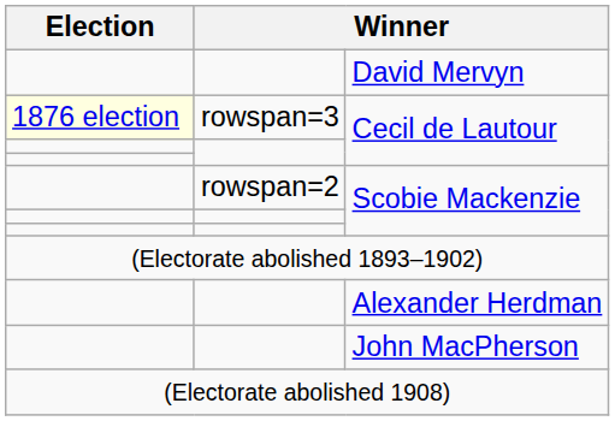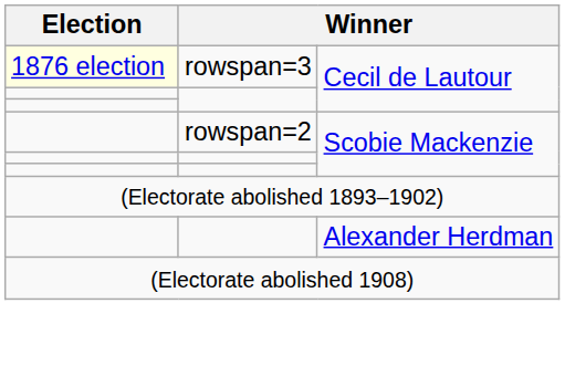 <table class=wikitable>
 <tr>
 <th width=100>Election</th>
 <th width=175 colspan=2>Winner</th>
-</tr>
-<tr>
-<td></td>
-<td></td>
-<td><a href='#'>David Mervyn</a></td>
 </tr>
 <tr>
 <td style="background: lightyellow;"><a href='#'>1876 election</a></td>
 <td>rowspan=3 </td>
 <td rowspan=3><a href='#'>Cecil de Lautour</a></td>
 </tr>
 <tr>
 <td></td>
 </tr>
 <tr>
 <td></td>
 </tr>
 <tr>
 <td></td>
 <td>rowspan=2 </td>
 <td rowspan=3><a href='#'>Scobie Mackenzie</a></td>
 </tr>
 <tr>
 <td></td>
 </tr>
 <tr>
 <td></td>
 <td></td>
 </tr>
 <tr>
 <td colspan=3 align=center><small>(Electorate abolished 1893–1902)</small></td>
 </tr>
 <tr>
 <td></td>
 <td></td>
 <td><a href='#'>Alexander Herdman</a></td>
 </tr>
 <tr>
-<td></td>
-<td></td>
-<td><a href='#'>John MacPherson</a></td>
-</tr>
-<tr>
 <td colspan=3 align=center><small>(Electorate abolished 1908)</small></td>
 </tr>
 </table>
